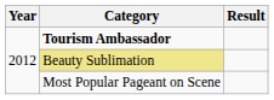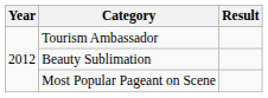 <table class="wikitable sortable">
 <tr>
 <th>Year</th>
 <th>Category</th>
 <th>Result</th>
 </tr>
 <tr>
 <td rowspan=3>2012</td>
-<td><strong>Tourism Ambassador</strong></td>
+<td>Tourism Ambassador</td>
 <td></td>
 </tr>
 <tr>
-<td style="background: khaki;">Beauty Sublimation</td>
+<td>Beauty Sublimation</td>
 <td></td>
 </tr>
 <tr>
 <td>Most Popular Pageant on Scene</td>
 <td></td>
 </tr>
 </table>
